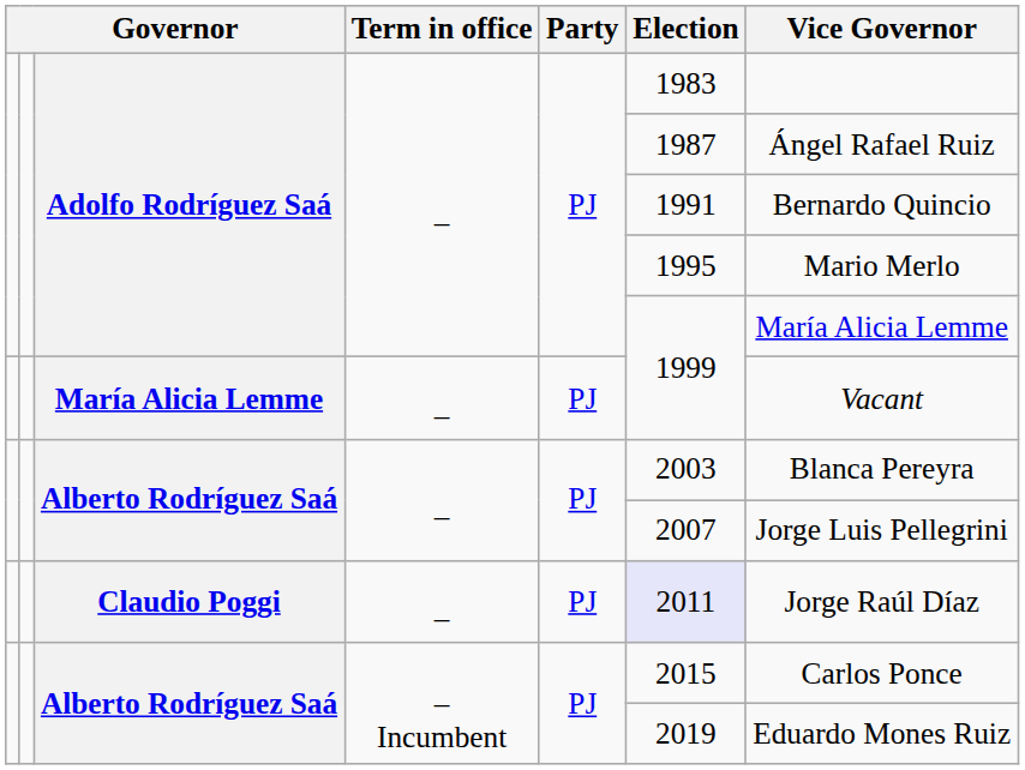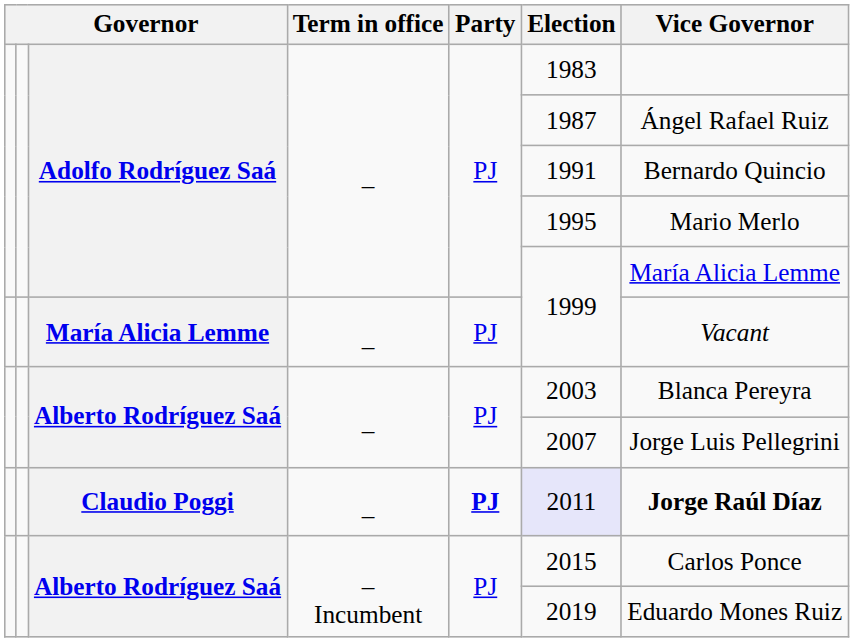 <table class="wikitable sortable" style="text-align: center;">
 <tr>
 <th scope="col" colspan="3">Governor</th>
 <th scope="col">Term in office</th>
 <th scope="col">Party</th>
 <th scope="col">Election</th>
 <th scope="col">Vice Governor</th>
 </tr>
 <tr style="height:2em;">
 <td rowspan="5" data-sort-value="Rodríguez Saá, Adolfo"></td>
 <td rowspan="5" style="background:"></td>
 <th rowspan="5" scope="row"><a href='#'>Adolfo Rodríguez Saá</a></th>
 <td rowspan="5"><br>–<br></td>
 <td rowspan="5"><a href='#'>PJ</a></td>
 <td>1983</td>
 <td></td>
 </tr>
 <tr style="height:2em;">
 <td>1987</td>
 <td data-sort-value="Ruiz, Ángel Rafael">Ángel Rafael Ruiz</td>
 </tr>
 <tr style="height:2em;">
 <td>1991</td>
 <td data-sort-value="Quincio, Bernardo">Bernardo Quincio</td>
 </tr>
 <tr style="height:2em;">
 <td>1995</td>
 <td data-sort-value="Merlo, Mario">Mario Merlo</td>
 </tr>
 <tr style="height:2em;">
 <td rowspan="2">1999</td>
 <td data-sort-value="Lemme, María Alicia"><a href='#'>María Alicia Lemme</a></td>
 </tr>
 <tr style="height:2em;">
 <td data-sort-value="Lemme, María Alicia"></td>
 <td style="background:"></td>
 <th scope="row"><a href='#'>María Alicia Lemme</a></th>
 <td><br>–<br></td>
 <td><a href='#'>PJ</a></td>
 <td><em>Vacant</em></td>
 </tr>
 <tr style="height:2em;">
 <td rowspan="2" data-sort-value="Rodríguez Saá, Alberto"></td>
 <td rowspan="2" style="background:"></td>
 <th rowspan="2" scope="row"><a href='#'>Alberto Rodríguez Saá</a></th>
 <td rowspan="2"><br>–<br></td>
 <td rowspan="2"><a href='#'>PJ</a></td>
 <td>2003</td>
 <td data-sort-value="Pereyra, Blanca">Blanca Pereyra</td>
 </tr>
 <tr style="height:2em;">
 <td>2007</td>
 <td data-sort-value="Pellegrini, Jorge Luis">Jorge Luis Pellegrini</td>
 </tr>
 <tr style="height:2em;">
 <td data-sort-value="Poggi, Claudio"></td>
 <td style="background:"></td>
 <th scope="row"><a href='#'>Claudio Poggi</a></th>
 <td><br>–<br></td>
-<td><a href='#'>PJ</a></td>
+<td><strong><a href='#'>PJ</a></strong></td>
 <td style="background: lavender;">2011</td>
-<td data-sort-value="Díaz, Jorge Raúl">Jorge Raúl Díaz</td>
+<td data-sort-value="Díaz, Jorge Raúl"><strong>Jorge Raúl Díaz</strong></td>
 </tr>
 <tr style="height:2em;">
 <td rowspan="2" data-sort-value="Rodríguez Saá, Alberto"></td>
 <td rowspan="2" style="background:"></td>
 <th rowspan="2" scope="row"><a href='#'>Alberto Rodríguez Saá</a></th>
 <td rowspan="2"><br>–<br>Incumbent</td>
 <td rowspan="2"><a href='#'>PJ</a></td>
 <td>2015</td>
 <td data-sort-value="Ponce, Carlos">Carlos Ponce</td>
 </tr>
 <tr style="height:2em;">
 <td>2019</td>
 <td data-sort-value="Mones Ruiz, Eduardo">Eduardo Mones Ruiz</td>
 </tr>
 </table>
